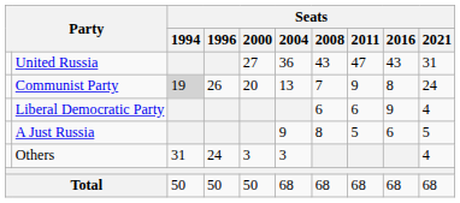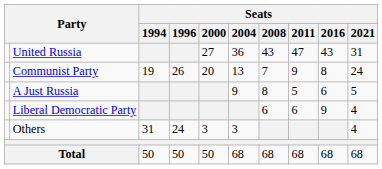 <table class="wikitable">
 <tr>
 <th colspan=2; rowspan=2>Party</th>
 <th colspan=8>Seats</th>
 </tr>
 <tr>
 <th>1994</th>
 <th>1996</th>
 <th>2000</th>
 <th>2004</th>
 <th>2008</th>
 <th>2011</th>
 <th>2016</th>
 <th>2021</th>
 </tr>
 <tr>
 <td style="background:"></td>
 <td><a href='#'>United Russia</a></td>
 <th></th>
 <th></th>
 <td>27</td>
 <td>36</td>
 <td>43</td>
 <td>47</td>
 <td>43</td>
 <td>31</td>
 </tr>
 <tr>
 <td style="background:"></td>
 <td><a href='#'>Communist Party</a></td>
-<td style="background: lightgrey;">19</td>
+<td>19</td>
 <td>26</td>
 <td>20</td>
 <td>13</td>
 <td>7</td>
 <td>9</td>
 <td>8</td>
 <td>24</td>
+</tr>
+<tr>
+<td style="background:"></td>
+<td><a href='#'>A Just Russia</a></td>
+<th></th>
+<th></th>
+<th></th>
+<td>9</td>
+<td>8</td>
+<td>5</td>
+<td>6</td>
+<td>5</td>
 </tr>
 <tr>
 <td style="background:"></td>
 <td><a href='#'>Liberal Democratic Party</a></td>
 <th></th>
 <th></th>
 <th></th>
 <th></th>
 <td>6</td>
 <td>6</td>
 <td>9</td>
 <td>4</td>
-</tr>
-<tr>
-<td style="background:"></td>
-<td><a href='#'>A Just Russia</a></td>
-<th></th>
-<th></th>
-<th></th>
-<td>9</td>
-<td>8</td>
-<td>5</td>
-<td>6</td>
-<td>5</td>
 </tr>
 <tr>
 <td style="background:"></td>
 <td>Others</td>
 <td>31</td>
 <td>24</td>
 <td>3</td>
 <td>3</td>
 <th></th>
 <th></th>
 <th></th>
 <td>4</td>
 </tr>
 <tr>
 <th colspan=10></th>
 </tr>
 <tr>
 <th colspan=2>Total</th>
 <td>50</td>
 <td>50</td>
 <td>50</td>
 <td>68</td>
 <td>68</td>
 <td>68</td>
 <td>68</td>
 <td>68</td>
 </tr>
 </table>
